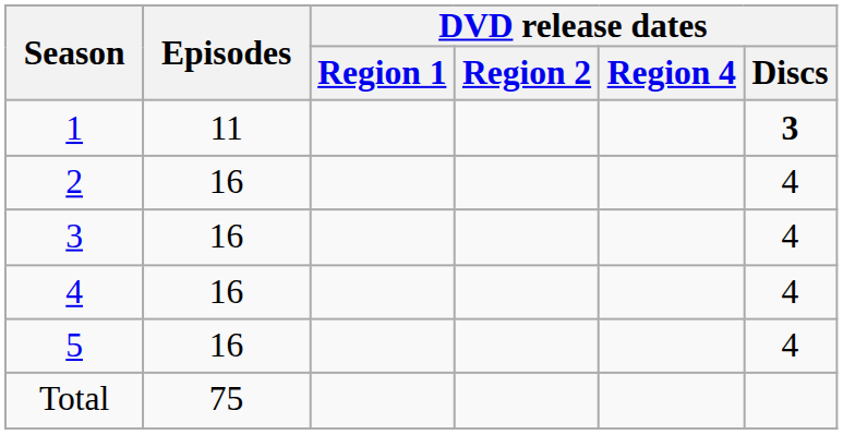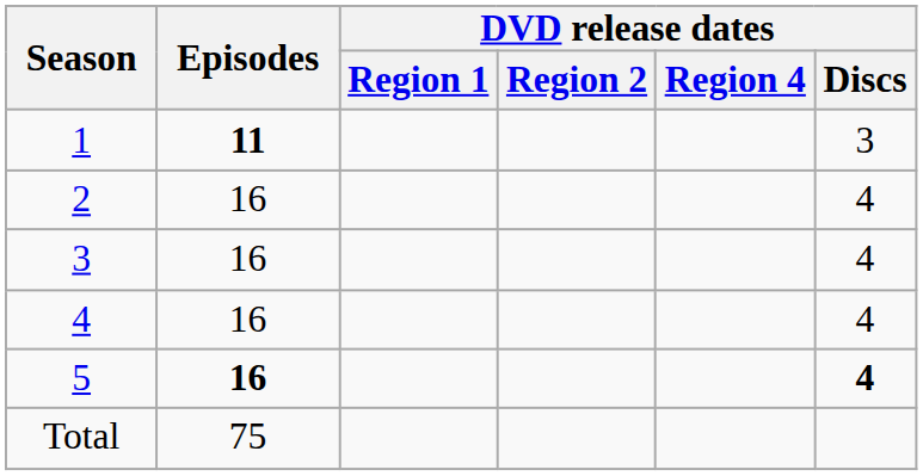 <table class="wikitable plainrowheaders" style="text-align: center;">
 <tr>
 <th scope="col" style="padding: 0px 8px" rowspan="2">Season</th>
 <th scope="col" style="padding: 0px 8px" rowspan="2">Episodes</th>
 <th scope="col" style="padding: 0px 8px" colspan="4"><a href='#'>DVD</a> release dates</th>
 </tr>
 <tr>
 <th scope="col"><a href='#'>Region 1</a></th>
 <th scope="col"><a href='#'>Region 2</a></th>
 <th scope="col"><a href='#'>Region 4</a></th>
 <th scope="col">Discs</th>
 </tr>
 <tr>
 <td scope="row"><a href='#'>1</a></td>
-<td>11</td>
+<td><strong>11</strong></td>
 <td></td>
 <td></td>
 <td></td>
-<td><strong>3</strong></td>
+<td>3</td>
 </tr>
 <tr>
 <td scope="row"><a href='#'>2</a></td>
 <td>16</td>
 <td></td>
 <td></td>
 <td></td>
 <td>4</td>
 </tr>
 <tr>
 <td scope="row"><a href='#'>3</a></td>
 <td>16</td>
 <td></td>
 <td></td>
 <td></td>
 <td>4</td>
 </tr>
 <tr>
 <td scope="row"><a href='#'>4</a></td>
 <td>16</td>
 <td></td>
 <td></td>
 <td></td>
 <td>4</td>
 </tr>
 <tr>
 <td scope="row"><a href='#'>5</a></td>
-<td>16</td>
+<td><strong>16</strong></td>
 <td></td>
 <td></td>
 <td></td>
-<td>4</td>
+<td><strong>4</strong></td>
 </tr>
 <tr>
 <td scope="row">Total</td>
 <td>75</td>
 <td></td>
 <td></td>
 <td></td>
 <td></td>
 </tr>
 </table>
